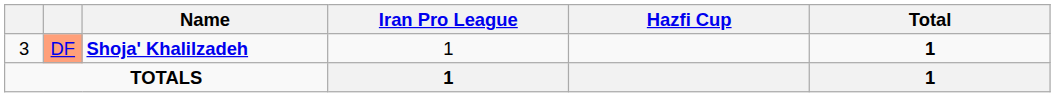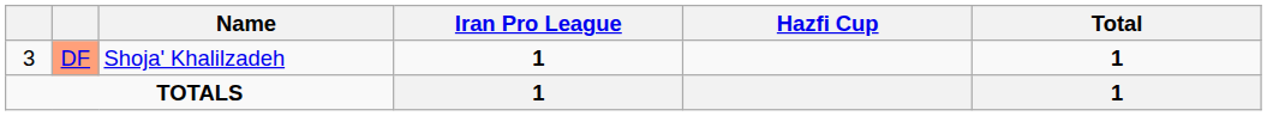 <table class="wikitable" style="font-size: 95%; text-align: center;">
 <tr>
 <th width=25></th>
 <th width=25></th>
 <th width=196>Name</th>
 <th width=192><strong><a href='#'>Iran Pro League</a></strong></th>
 <th width=192><strong><a href='#'>Hazfi Cup</a></strong></th>
 <th width=192>Total</th>
 </tr>
 <tr>
 <td>3</td>
 <td style="background: lightsalmon;"><a href='#'>DF</a></td>
-<td align="left"><strong> <a href='#'>Shoja' Khalilzadeh</a></strong></td>
-<td>1</td>
+<td align="left"> <a href='#'>Shoja' Khalilzadeh</a></td>
+<td><strong>1</strong></td>
 <td></td>
 <td><strong>1</strong></td>
 </tr>
 <tr>
 <td colspan="3"><strong>TOTALS</strong></td>
 <th><strong>1</strong></th>
 <th><strong> </strong></th>
 <th><strong>1</strong></th>
 </tr>
 </table>
